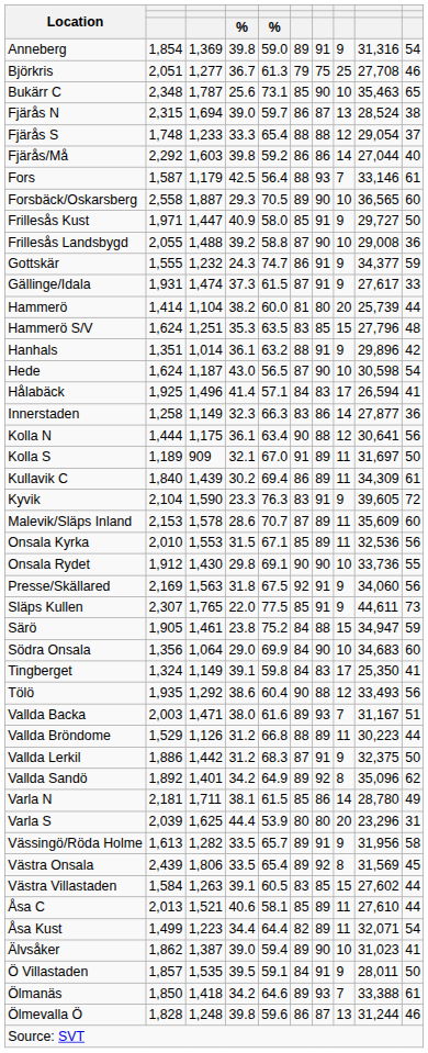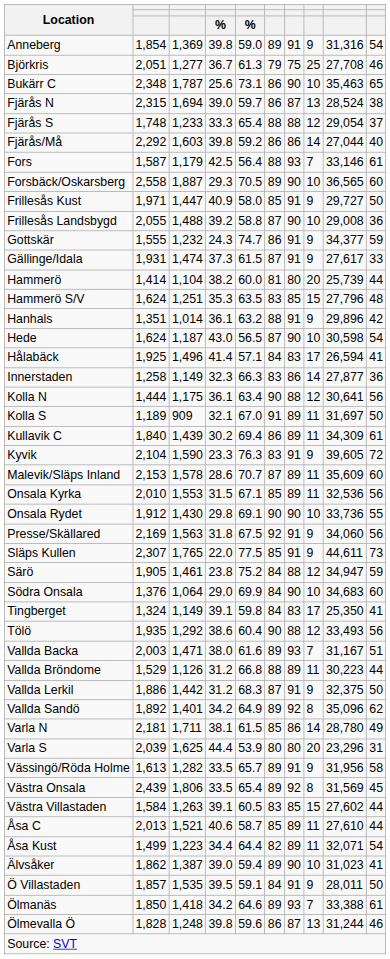 <table role="presentation" class="wikitable sortable mw-collapsible mw-collapsed">
 <tr>
 <th rowspan="3">Location</th>
 <th></th>
 <th></th>
 <th></th>
 <th></th>
 <th></th>
 <th></th>
 <th></th>
 <th></th>
 <th></th>
 </tr>
 <tr>
 <th></th>
 <th></th>
 <th style="background:"></th>
 <th style="background:"></th>
 <th></th>
 <th></th>
 <th></th>
 <th></th>
 <th></th>
 </tr>
 <tr>
 <th data-sort-type="number"></th>
 <th data-sort-type="number"></th>
 <th data-sort-type="number">%</th>
 <th data-sort-type="number">%</th>
 <th data-sort-type="number"></th>
 <th data-sort-type="number"></th>
 <th data-sort-type="number"></th>
 <th data-sort-type="number"></th>
 <th data-sort-type="number"></th>
 </tr>
 <tr>
 <td align="left">Anneberg</td>
 <td>1,854</td>
 <td>1,369</td>
 <td>39.8</td>
 <td>59.0</td>
 <td>89</td>
 <td>91</td>
 <td>9</td>
 <td>31,316</td>
 <td>54</td>
 </tr>
 <tr>
 <td align="left">Björkris</td>
 <td>2,051</td>
 <td>1,277</td>
 <td>36.7</td>
 <td>61.3</td>
 <td>79</td>
 <td>75</td>
 <td>25</td>
 <td>27,708</td>
 <td>46</td>
 </tr>
 <tr>
 <td align="left">Bukärr C</td>
 <td>2,348</td>
 <td>1,787</td>
 <td>25.6</td>
 <td>73.1</td>
-<td>85</td>
+<td>86</td>
 <td>90</td>
 <td>10</td>
 <td>35,463</td>
 <td>65</td>
 </tr>
 <tr>
 <td align="left">Fjärås N</td>
 <td>2,315</td>
 <td>1,694</td>
 <td>39.0</td>
 <td>59.7</td>
 <td>86</td>
 <td>87</td>
 <td>13</td>
 <td>28,524</td>
 <td>38</td>
 </tr>
 <tr>
 <td align="left">Fjärås S</td>
 <td>1,748</td>
 <td>1,233</td>
 <td>33.3</td>
 <td>65.4</td>
 <td>88</td>
 <td>88</td>
 <td>12</td>
 <td>29,054</td>
 <td>37</td>
 </tr>
 <tr>
 <td align="left">Fjärås/Må</td>
 <td>2,292</td>
 <td>1,603</td>
 <td>39.8</td>
 <td>59.2</td>
 <td>86</td>
 <td>86</td>
 <td>14</td>
 <td>27,044</td>
 <td>40</td>
 </tr>
 <tr>
 <td align="left">Fors</td>
 <td>1,587</td>
 <td>1,179</td>
 <td>42.5</td>
 <td>56.4</td>
 <td>88</td>
 <td>93</td>
 <td>7</td>
 <td>33,146</td>
 <td>61</td>
 </tr>
 <tr>
 <td align="left">Forsbäck/Oskarsberg</td>
 <td>2,558</td>
 <td>1,887</td>
 <td>29.3</td>
 <td>70.5</td>
 <td>89</td>
 <td>90</td>
 <td>10</td>
 <td>36,565</td>
 <td>60</td>
 </tr>
 <tr>
 <td align="left">Frillesås Kust</td>
 <td>1,971</td>
 <td>1,447</td>
 <td>40.9</td>
 <td>58.0</td>
 <td>85</td>
 <td>91</td>
 <td>9</td>
 <td>29,727</td>
 <td>50</td>
 </tr>
 <tr>
 <td align="left">Frillesås Landsbygd</td>
 <td>2,055</td>
 <td>1,488</td>
 <td>39.2</td>
 <td>58.8</td>
 <td>87</td>
 <td>90</td>
 <td>10</td>
 <td>29,008</td>
 <td>36</td>
 </tr>
 <tr>
 <td align="left">Gottskär</td>
 <td>1,555</td>
 <td>1,232</td>
 <td>24.3</td>
 <td>74.7</td>
 <td>86</td>
 <td>91</td>
 <td>9</td>
 <td>34,377</td>
 <td>59</td>
 </tr>
 <tr>
 <td align="left">Gällinge/Idala</td>
 <td>1,931</td>
 <td>1,474</td>
 <td>37.3</td>
 <td>61.5</td>
 <td>87</td>
 <td>91</td>
 <td>9</td>
 <td>27,617</td>
 <td>33</td>
 </tr>
 <tr>
 <td align="left">Hammerö</td>
 <td>1,414</td>
 <td>1,104</td>
 <td>38.2</td>
 <td>60.0</td>
 <td>81</td>
 <td>80</td>
 <td>20</td>
 <td>25,739</td>
 <td>44</td>
 </tr>
 <tr>
 <td align="left">Hammerö S/V</td>
 <td>1,624</td>
 <td>1,251</td>
 <td>35.3</td>
 <td>63.5</td>
 <td>83</td>
 <td>85</td>
 <td>15</td>
 <td>27,796</td>
 <td>48</td>
 </tr>
 <tr>
 <td align="left">Hanhals</td>
 <td>1,351</td>
 <td>1,014</td>
 <td>36.1</td>
 <td>63.2</td>
 <td>88</td>
 <td>91</td>
 <td>9</td>
 <td>29,896</td>
 <td>42</td>
 </tr>
 <tr>
 <td align="left">Hede</td>
 <td>1,624</td>
 <td>1,187</td>
 <td>43.0</td>
 <td>56.5</td>
 <td>87</td>
 <td>90</td>
 <td>10</td>
 <td>30,598</td>
 <td>54</td>
 </tr>
 <tr>
 <td align="left">Hålabäck</td>
 <td>1,925</td>
 <td>1,496</td>
 <td>41.4</td>
 <td>57.1</td>
 <td>84</td>
 <td>83</td>
 <td>17</td>
 <td>26,594</td>
 <td>41</td>
 </tr>
 <tr>
 <td align="left">Innerstaden</td>
 <td>1,258</td>
 <td>1,149</td>
 <td>32.3</td>
 <td>66.3</td>
 <td>83</td>
 <td>86</td>
 <td>14</td>
 <td>27,877</td>
 <td>36</td>
 </tr>
 <tr>
 <td align="left">Kolla N</td>
 <td>1,444</td>
 <td>1,175</td>
 <td>36.1</td>
 <td>63.4</td>
 <td>90</td>
 <td>88</td>
 <td>12</td>
 <td>30,641</td>
 <td>56</td>
 </tr>
 <tr>
 <td align="left">Kolla S</td>
 <td>1,189</td>
 <td>909</td>
 <td>32.1</td>
 <td>67.0</td>
 <td>91</td>
 <td>89</td>
 <td>11</td>
 <td>31,697</td>
 <td>50</td>
 </tr>
 <tr>
 <td align="left">Kullavik C</td>
 <td>1,840</td>
 <td>1,439</td>
 <td>30.2</td>
 <td>69.4</td>
 <td>86</td>
 <td>89</td>
 <td>11</td>
 <td>34,309</td>
 <td>61</td>
 </tr>
 <tr>
 <td align="left">Kyvik</td>
 <td>2,104</td>
 <td>1,590</td>
 <td>23.3</td>
 <td>76.3</td>
 <td>83</td>
 <td>91</td>
 <td>9</td>
 <td>39,605</td>
 <td>72</td>
 </tr>
 <tr>
 <td align="left">Malevik/Släps Inland</td>
 <td>2,153</td>
 <td>1,578</td>
 <td>28.6</td>
 <td>70.7</td>
 <td>87</td>
 <td>89</td>
 <td>11</td>
 <td>35,609</td>
 <td>60</td>
 </tr>
 <tr>
 <td align="left">Onsala Kyrka</td>
 <td>2,010</td>
 <td>1,553</td>
 <td>31.5</td>
 <td>67.1</td>
 <td>85</td>
 <td>89</td>
 <td>11</td>
 <td>32,536</td>
 <td>56</td>
 </tr>
 <tr>
 <td align="left">Onsala Rydet</td>
 <td>1,912</td>
 <td>1,430</td>
 <td>29.8</td>
 <td>69.1</td>
 <td>90</td>
 <td>90</td>
 <td>10</td>
 <td>33,736</td>
 <td>55</td>
 </tr>
 <tr>
 <td align="left">Presse/Skällared</td>
 <td>2,169</td>
 <td>1,563</td>
 <td>31.8</td>
 <td>67.5</td>
 <td>92</td>
 <td>91</td>
 <td>9</td>
 <td>34,060</td>
 <td>56</td>
 </tr>
 <tr>
 <td align="left">Släps Kullen</td>
 <td>2,307</td>
 <td>1,765</td>
 <td>22.0</td>
 <td>77.5</td>
 <td>85</td>
 <td>91</td>
 <td>9</td>
 <td>44,611</td>
 <td>73</td>
 </tr>
 <tr>
 <td align="left">Särö</td>
 <td>1,905</td>
 <td>1,461</td>
 <td>23.8</td>
 <td>75.2</td>
 <td>84</td>
 <td>88</td>
-<td>15</td>
+<td>12</td>
 <td>34,947</td>
 <td>59</td>
 </tr>
 <tr>
 <td align="left">Södra Onsala</td>
-<td>1,356</td>
+<td>1,376</td>
 <td>1,064</td>
 <td>29.0</td>
 <td>69.9</td>
 <td>84</td>
 <td>90</td>
 <td>10</td>
 <td>34,683</td>
 <td>60</td>
 </tr>
 <tr>
 <td align="left">Tingberget</td>
 <td>1,324</td>
 <td>1,149</td>
 <td>39.1</td>
 <td>59.8</td>
 <td>84</td>
 <td>83</td>
 <td>17</td>
 <td>25,350</td>
 <td>41</td>
 </tr>
 <tr>
 <td align="left">Tölö</td>
 <td>1,935</td>
 <td>1,292</td>
 <td>38.6</td>
 <td>60.4</td>
 <td>90</td>
 <td>88</td>
 <td>12</td>
 <td>33,493</td>
 <td>56</td>
 </tr>
 <tr>
 <td align="left">Vallda Backa</td>
 <td>2,003</td>
 <td>1,471</td>
 <td>38.0</td>
 <td>61.6</td>
 <td>89</td>
 <td>93</td>
 <td>7</td>
 <td>31,167</td>
 <td>51</td>
 </tr>
 <tr>
 <td align="left">Vallda Bröndome</td>
 <td>1,529</td>
 <td>1,126</td>
 <td>31.2</td>
 <td>66.8</td>
 <td>88</td>
 <td>89</td>
 <td>11</td>
 <td>30,223</td>
 <td>44</td>
 </tr>
 <tr>
 <td align="left">Vallda Lerkil</td>
 <td>1,886</td>
 <td>1,442</td>
 <td>31.2</td>
 <td>68.3</td>
 <td>87</td>
 <td>91</td>
 <td>9</td>
 <td>32,375</td>
 <td>50</td>
 </tr>
 <tr>
 <td align="left">Vallda Sandö</td>
 <td>1,892</td>
 <td>1,401</td>
 <td>34.2</td>
 <td>64.9</td>
 <td>89</td>
 <td>92</td>
 <td>8</td>
 <td>35,096</td>
 <td>62</td>
 </tr>
 <tr>
 <td align="left">Varla N</td>
 <td>2,181</td>
 <td>1,711</td>
 <td>38.1</td>
 <td>61.5</td>
 <td>85</td>
 <td>86</td>
 <td>14</td>
 <td>28,780</td>
 <td>49</td>
 </tr>
 <tr>
 <td align="left">Varla S</td>
 <td>2,039</td>
 <td>1,625</td>
 <td>44.4</td>
 <td>53.9</td>
 <td>80</td>
 <td>80</td>
 <td>20</td>
 <td>23,296</td>
 <td>31</td>
 </tr>
 <tr>
 <td align="left">Vässingö/Röda Holme</td>
 <td>1,613</td>
 <td>1,282</td>
 <td>33.5</td>
 <td>65.7</td>
 <td>89</td>
 <td>91</td>
 <td>9</td>
 <td>31,956</td>
 <td>58</td>
 </tr>
 <tr>
 <td align="left">Västra Onsala</td>
 <td>2,439</td>
 <td>1,806</td>
 <td>33.5</td>
 <td>65.4</td>
 <td>89</td>
 <td>92</td>
 <td>8</td>
 <td>31,569</td>
 <td>45</td>
 </tr>
 <tr>
 <td align="left">Västra Villastaden</td>
 <td>1,584</td>
 <td>1,263</td>
 <td>39.1</td>
 <td>60.5</td>
 <td>83</td>
 <td>85</td>
 <td>15</td>
 <td>27,602</td>
 <td>44</td>
 </tr>
 <tr>
 <td align="left">Åsa C</td>
 <td>2,013</td>
 <td>1,521</td>
 <td>40.6</td>
-<td>58.1</td>
+<td>58.7</td>
 <td>85</td>
 <td>89</td>
 <td>11</td>
 <td>27,610</td>
 <td>44</td>
 </tr>
 <tr>
 <td align="left">Åsa Kust</td>
 <td>1,499</td>
 <td>1,223</td>
 <td>34.4</td>
 <td>64.4</td>
 <td>82</td>
 <td>89</td>
 <td>11</td>
 <td>32,071</td>
 <td>54</td>
 </tr>
 <tr>
 <td align="left">Älvsåker</td>
 <td>1,862</td>
 <td>1,387</td>
 <td>39.0</td>
 <td>59.4</td>
 <td>89</td>
 <td>90</td>
 <td>10</td>
 <td>31,023</td>
 <td>41</td>
 </tr>
 <tr>
 <td align="left">Ö Villastaden</td>
 <td>1,857</td>
 <td>1,535</td>
 <td>39.5</td>
 <td>59.1</td>
 <td>84</td>
 <td>91</td>
 <td>9</td>
 <td>28,011</td>
 <td>50</td>
 </tr>
 <tr>
 <td align="left">Ölmanäs</td>
 <td>1,850</td>
 <td>1,418</td>
 <td>34.2</td>
 <td>64.6</td>
 <td>89</td>
 <td>93</td>
 <td>7</td>
 <td>33,388</td>
 <td>61</td>
 </tr>
 <tr>
 <td align="left">Ölmevalla Ö</td>
 <td>1,828</td>
 <td>1,248</td>
 <td>39.8</td>
 <td>59.6</td>
 <td>86</td>
 <td>87</td>
 <td>13</td>
 <td>31,244</td>
 <td>46</td>
 </tr>
 <tr>
 <td colspan="10" align="left">Source: <a href='#'>SVT</a></td>
 </tr>
 </table>
